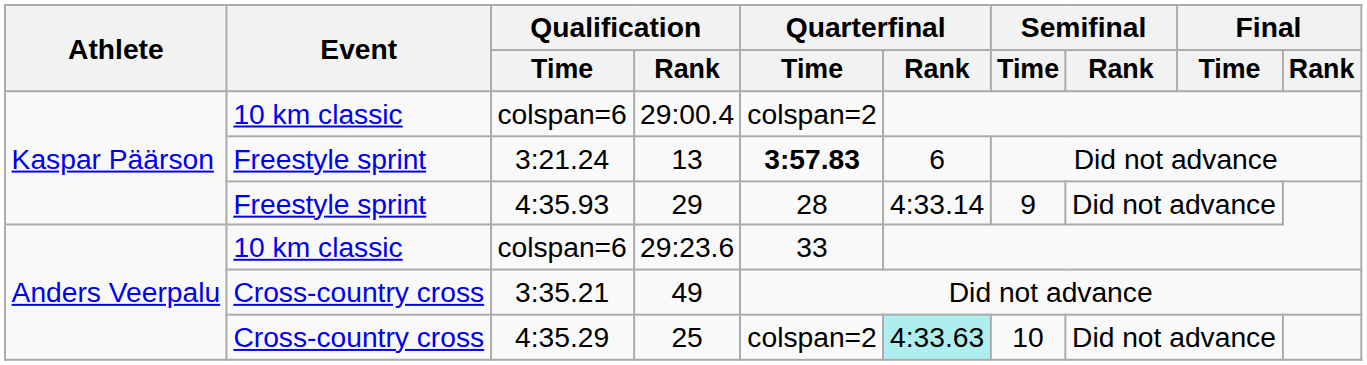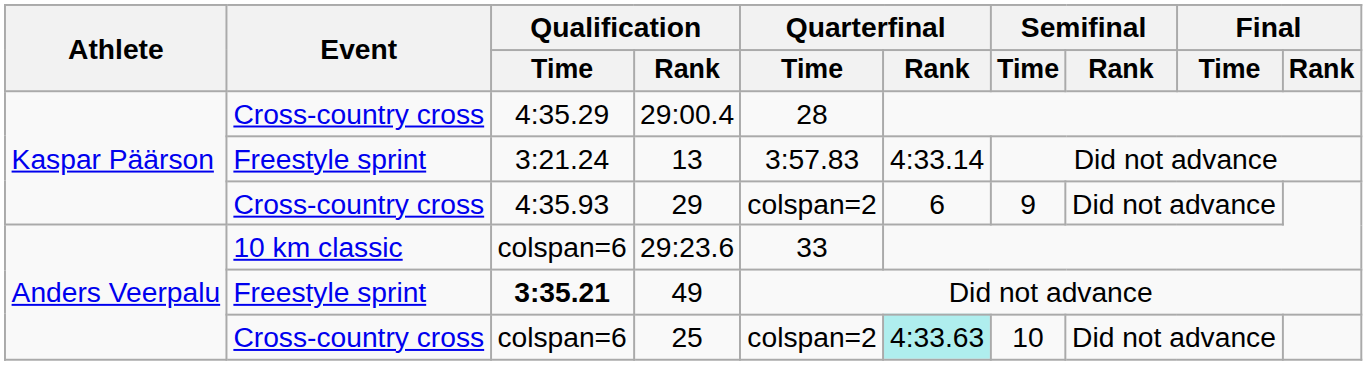 <table class="wikitable" style="font-size:90%">
 <tr>
 <th rowspan="2">Athlete</th>
 <th rowspan="2">Event</th>
 <th colspan="2">Qualification</th>
 <th colspan="2">Quarterfinal</th>
 <th colspan="2">Semifinal</th>
 <th colspan="2">Final</th>
 </tr>
 <tr style="font-size:95%">
 <th>Time</th>
 <th>Rank</th>
 <th>Time</th>
 <th>Rank</th>
 <th>Time</th>
 <th>Rank</th>
 <th>Time</th>
 <th>Rank</th>
 </tr>
 <tr align=center>
 <td align=left rowspan=3><a href='#'>Kaspar Päärson</a></td>
-<td align=left><a href='#'>10 km classic</a></td>
-<td>colspan=6 </td>
+<td align=left><a href='#'>Cross-country cross</a></td>
+<td>4:35.29</td>
 <td>29:00.4</td>
-<td>colspan=2 </td>
+<td>28</td>
 </tr>
 <tr align=center>
 <td align=left><a href='#'>Freestyle sprint</a></td>
 <td>3:21.24</td>
 <td>13</td>
-<td><strong>3:57.83</strong></td>
-<td>6</td>
+<td>3:57.83</td>
+<td>4:33.14</td>
 <td colspan=4>Did not advance</td>
 </tr>
 <tr align=center>
-<td align=left><a href='#'>Freestyle sprint</a></td>
+<td align=left><a href='#'>Cross-country cross</a></td>
 <td>4:35.93</td>
 <td>29</td>
-<td>28</td>
-<td>4:33.14</td>
+<td>colspan=2 </td>
+<td>6</td>
 <td>9</td>
 <td colspan=2>Did not advance</td>
 </tr>
 <tr align=center>
 <td align=left rowspan=3><a href='#'>Anders Veerpalu</a></td>
 <td align=left><a href='#'>10 km classic</a></td>
 <td>colspan=6 </td>
 <td>29:23.6</td>
 <td>33</td>
 </tr>
 <tr align=center>
-<td align=left><a href='#'>Cross-country cross</a></td>
-<td>3:35.21</td>
+<td align=left><a href='#'>Freestyle sprint</a></td>
+<td><strong>3:35.21</strong></td>
 <td>49</td>
 <td colspan=6>Did not advance</td>
 </tr>
 <tr align=center>
 <td align=left><a href='#'>Cross-country cross</a></td>
-<td>4:35.29</td>
+<td>colspan=6 </td>
 <td>25</td>
 <td>colspan=2 </td>
 <td style="background: paleturquoise;">4:33.63</td>
 <td>10</td>
 <td colspan=2>Did not advance</td>
 </tr>
 </table>
